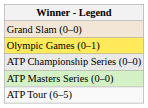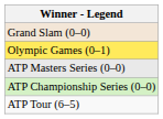 <table class="wikitable sortable mw-collapsible mw-collapsed">
 <tr>
 <th>Winner - Legend</th>
 </tr>
 <tr bgcolor="#f3e6d7">
 <td>Grand Slam (0–0)</td>
 </tr>
 <tr bgcolor="#ffea5c">
 <td>Olympic Games (0–1)</td>
 </tr>
 <tr bgcolor="#e9e9e9">
-<td>ATP Championship Series (0–0)</td>
+<td>ATP Masters Series (0–0)</td>
 </tr>
 <tr bgcolor="#d4f1c5">
-<td>ATP Masters Series (0–0)</td>
+<td>ATP Championship Series (0–0)</td>
 </tr>
 <tr bgcolor=>
 <td>ATP Tour (6–5)</td>
 </tr>
 </table>
